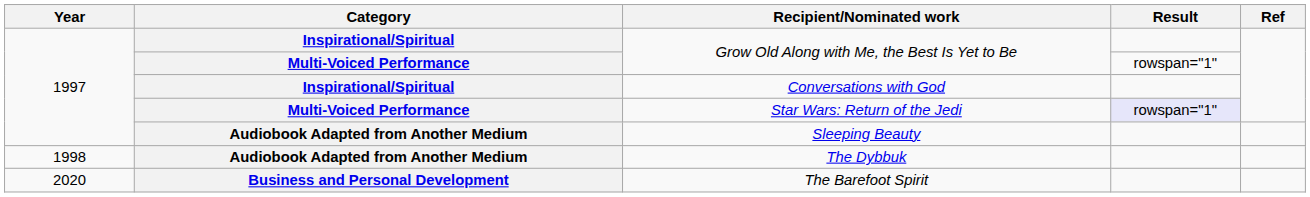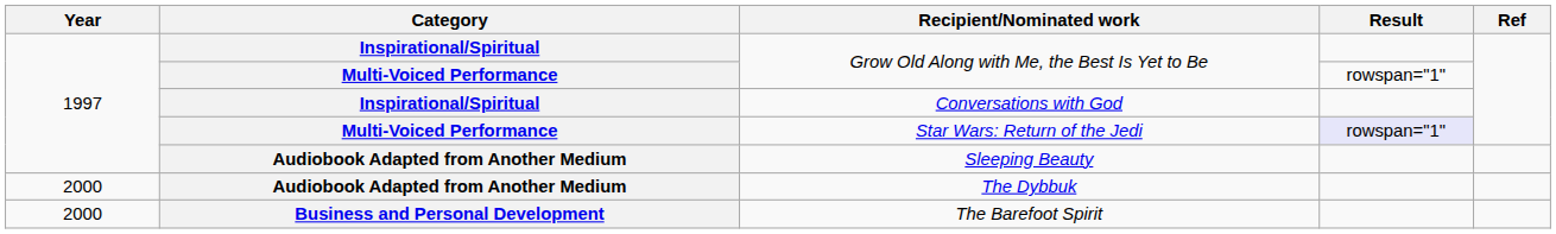 <table class="wikitable plainrowheaders" style="font-size: 90%; text-align:center" width=100%>
 <tr>
 <th scope="col" width="10%">Year</th>
 <th scope="col" width="37.5%">Category</th>
 <th scope="col" width="37.5%">Recipient/Nominated work</th>
 <th scope="col" width="10%">Result</th>
 <th scope="col" width="5%">Ref</th>
 </tr>
 <tr>
 <td rowspan="5">1997</td>
 <th scope="row" style="text-align:center"><a href='#'>Inspirational/Spiritual</a></th>
 <td rowspan="2"><em>Grow Old Along with Me, the Best Is Yet to Be</em></td>
 <td></td>
 <td rowspan="4"></td>
 </tr>
 <tr>
 <th scope="row" style="text-align:center"><a href='#'>Multi-Voiced Performance</a></th>
 <td>rowspan="1"</td>
 </tr>
 <tr>
 <th scope="row" style="text-align:center"><a href='#'>Inspirational/Spiritual</a></th>
 <td rowspan="1"><em><a href='#'>Conversations with God</a></em></td>
 <td></td>
 </tr>
 <tr>
 <th scope="row" style="text-align:center"><a href='#'>Multi-Voiced Performance</a></th>
 <td rowspan="1"><em><a href='#'>Star Wars: Return of the Jedi</a></em></td>
 <td style="background: lavender;">rowspan="1"</td>
 </tr>
 <tr>
 <th scope="row" style="text-align:center">Audiobook Adapted from Another Medium</th>
 <td rowspan="1"><em><a href='#'>Sleeping Beauty</a></em></td>
 <td></td>
 <td rowspan="1"></td>
 </tr>
 <tr>
-<td>1998</td>
+<td>2000</td>
 <th scope="row" style="text-align:center">Audiobook Adapted from Another Medium</th>
 <td><em><a href='#'>The Dybbuk</a></em></td>
 <td></td>
 <td></td>
 </tr>
 <tr>
-<td>2020</td>
+<td>2000</td>
 <th scope="row" style="text-align:center"><a href='#'>Business and Personal Development</a></th>
 <td><em>The Barefoot Spirit</em></td>
 <td></td>
 <td><br></td>
 </tr>
 </table>
